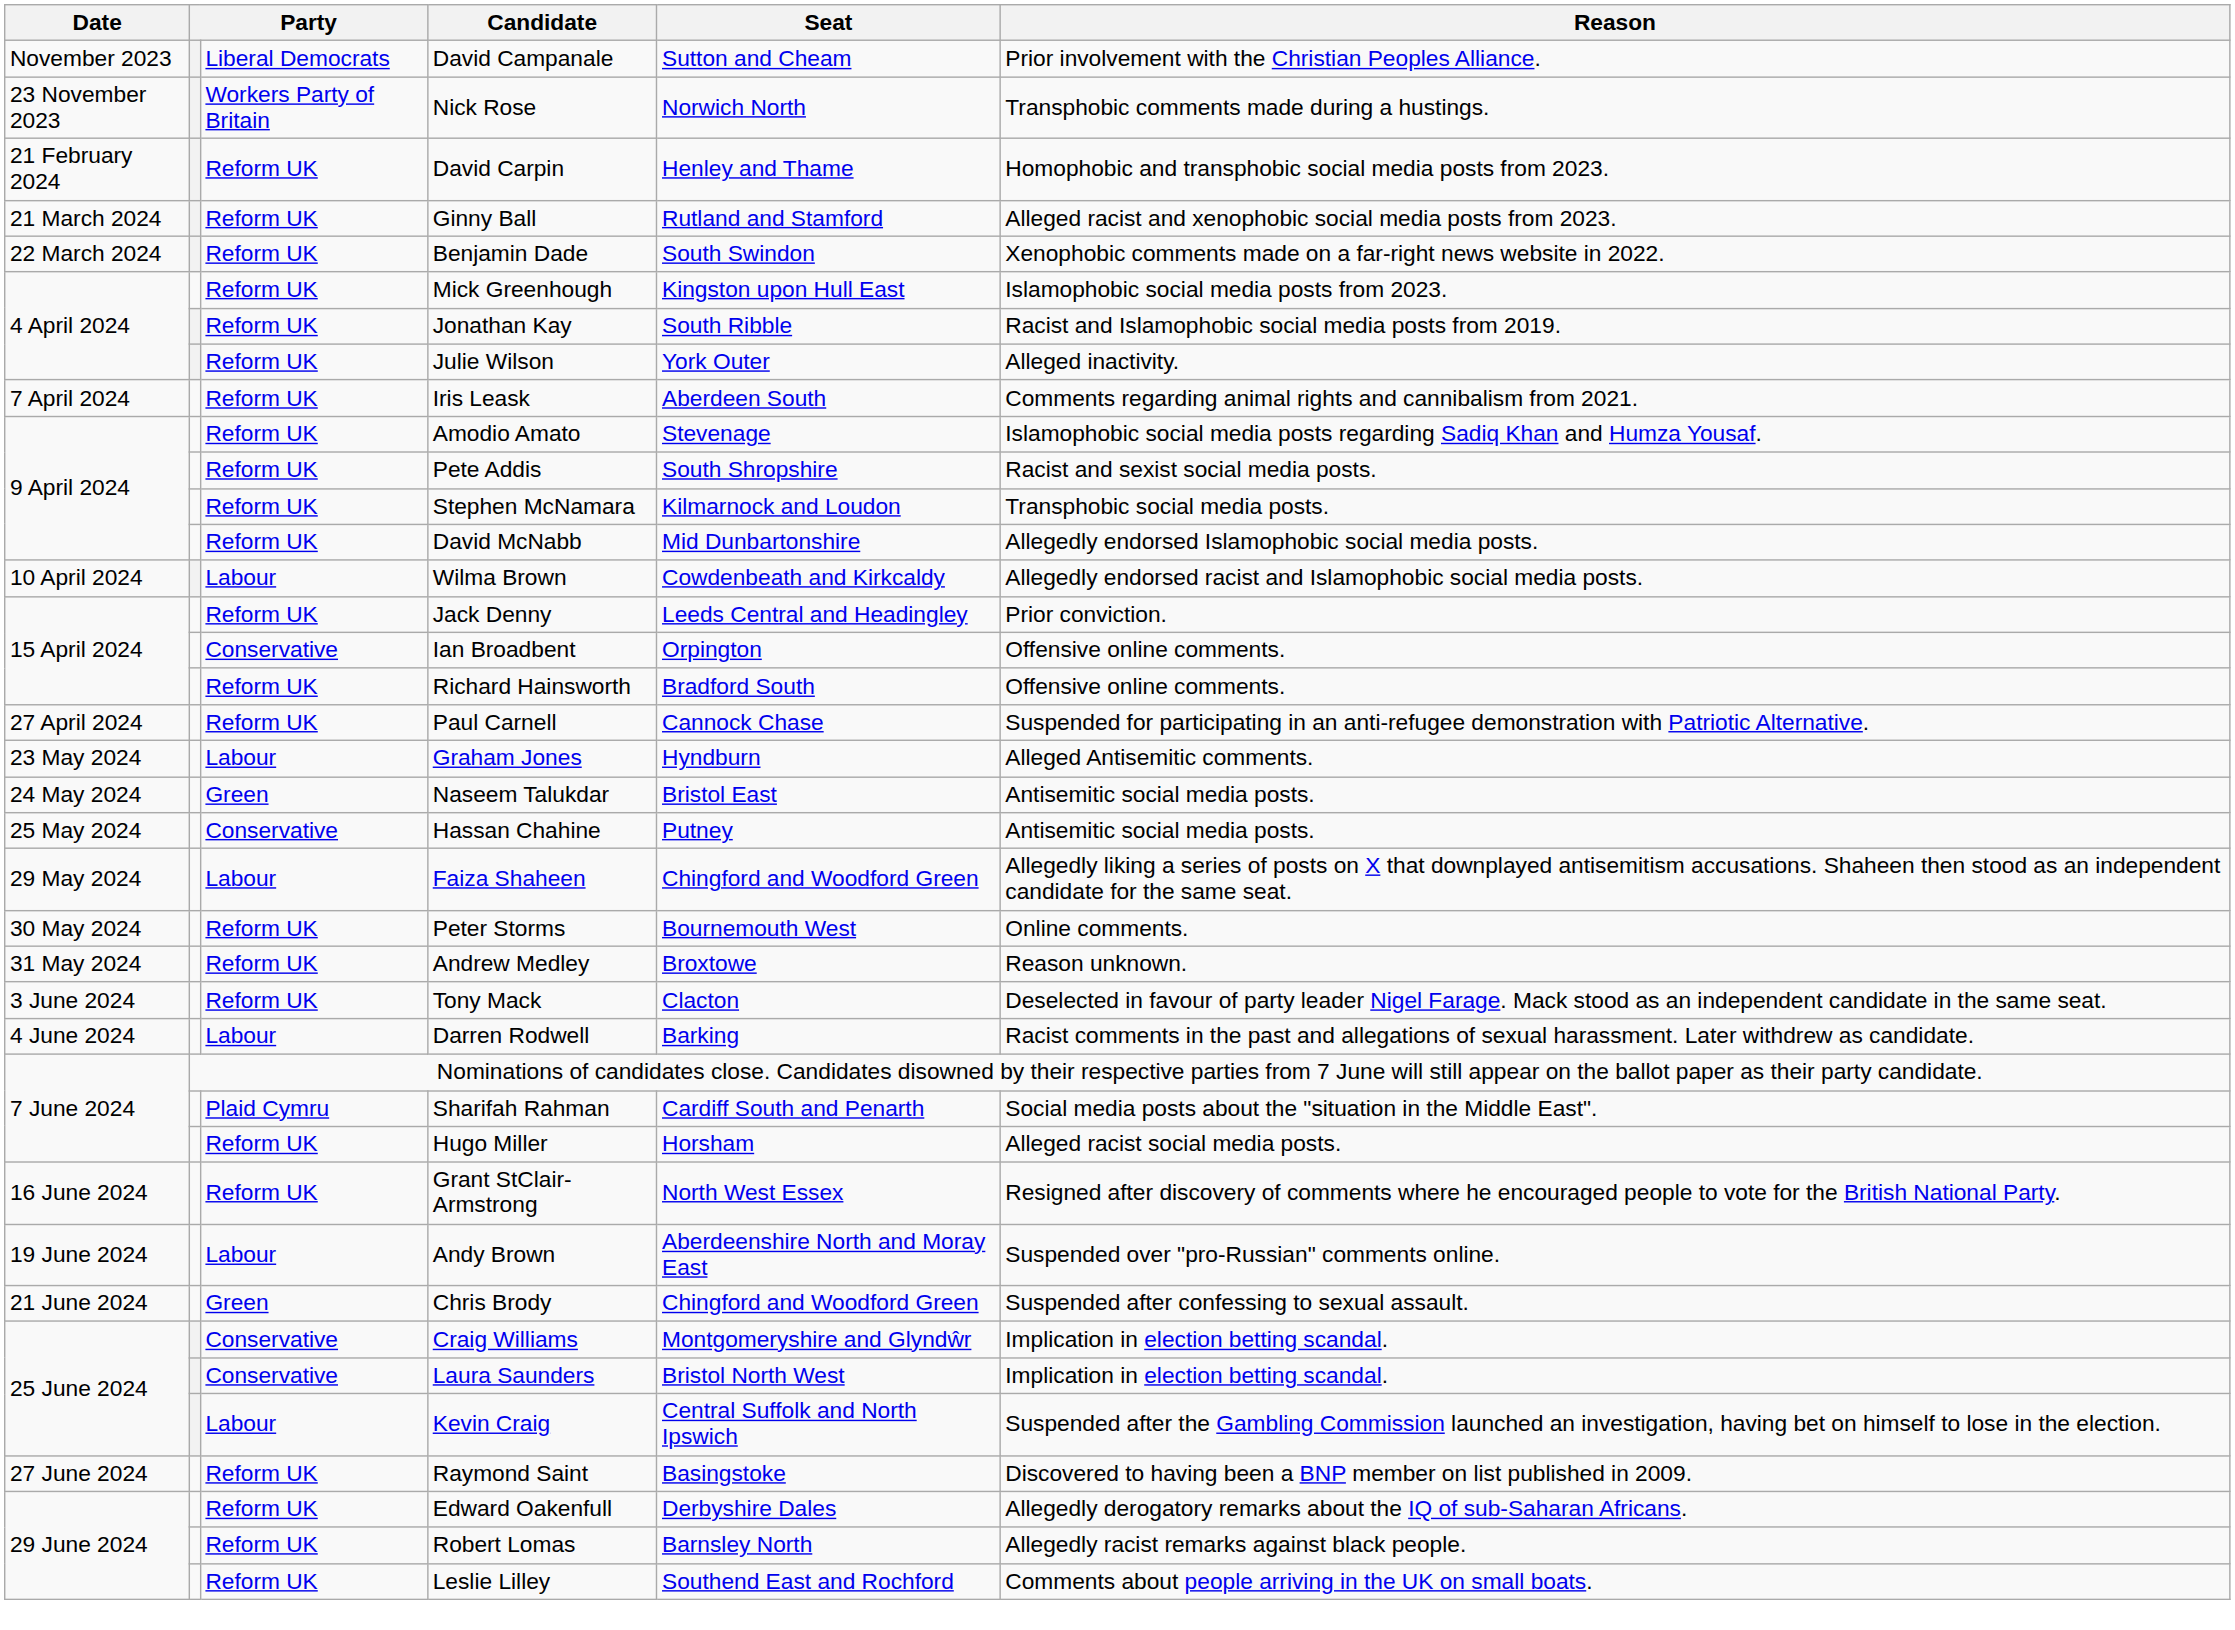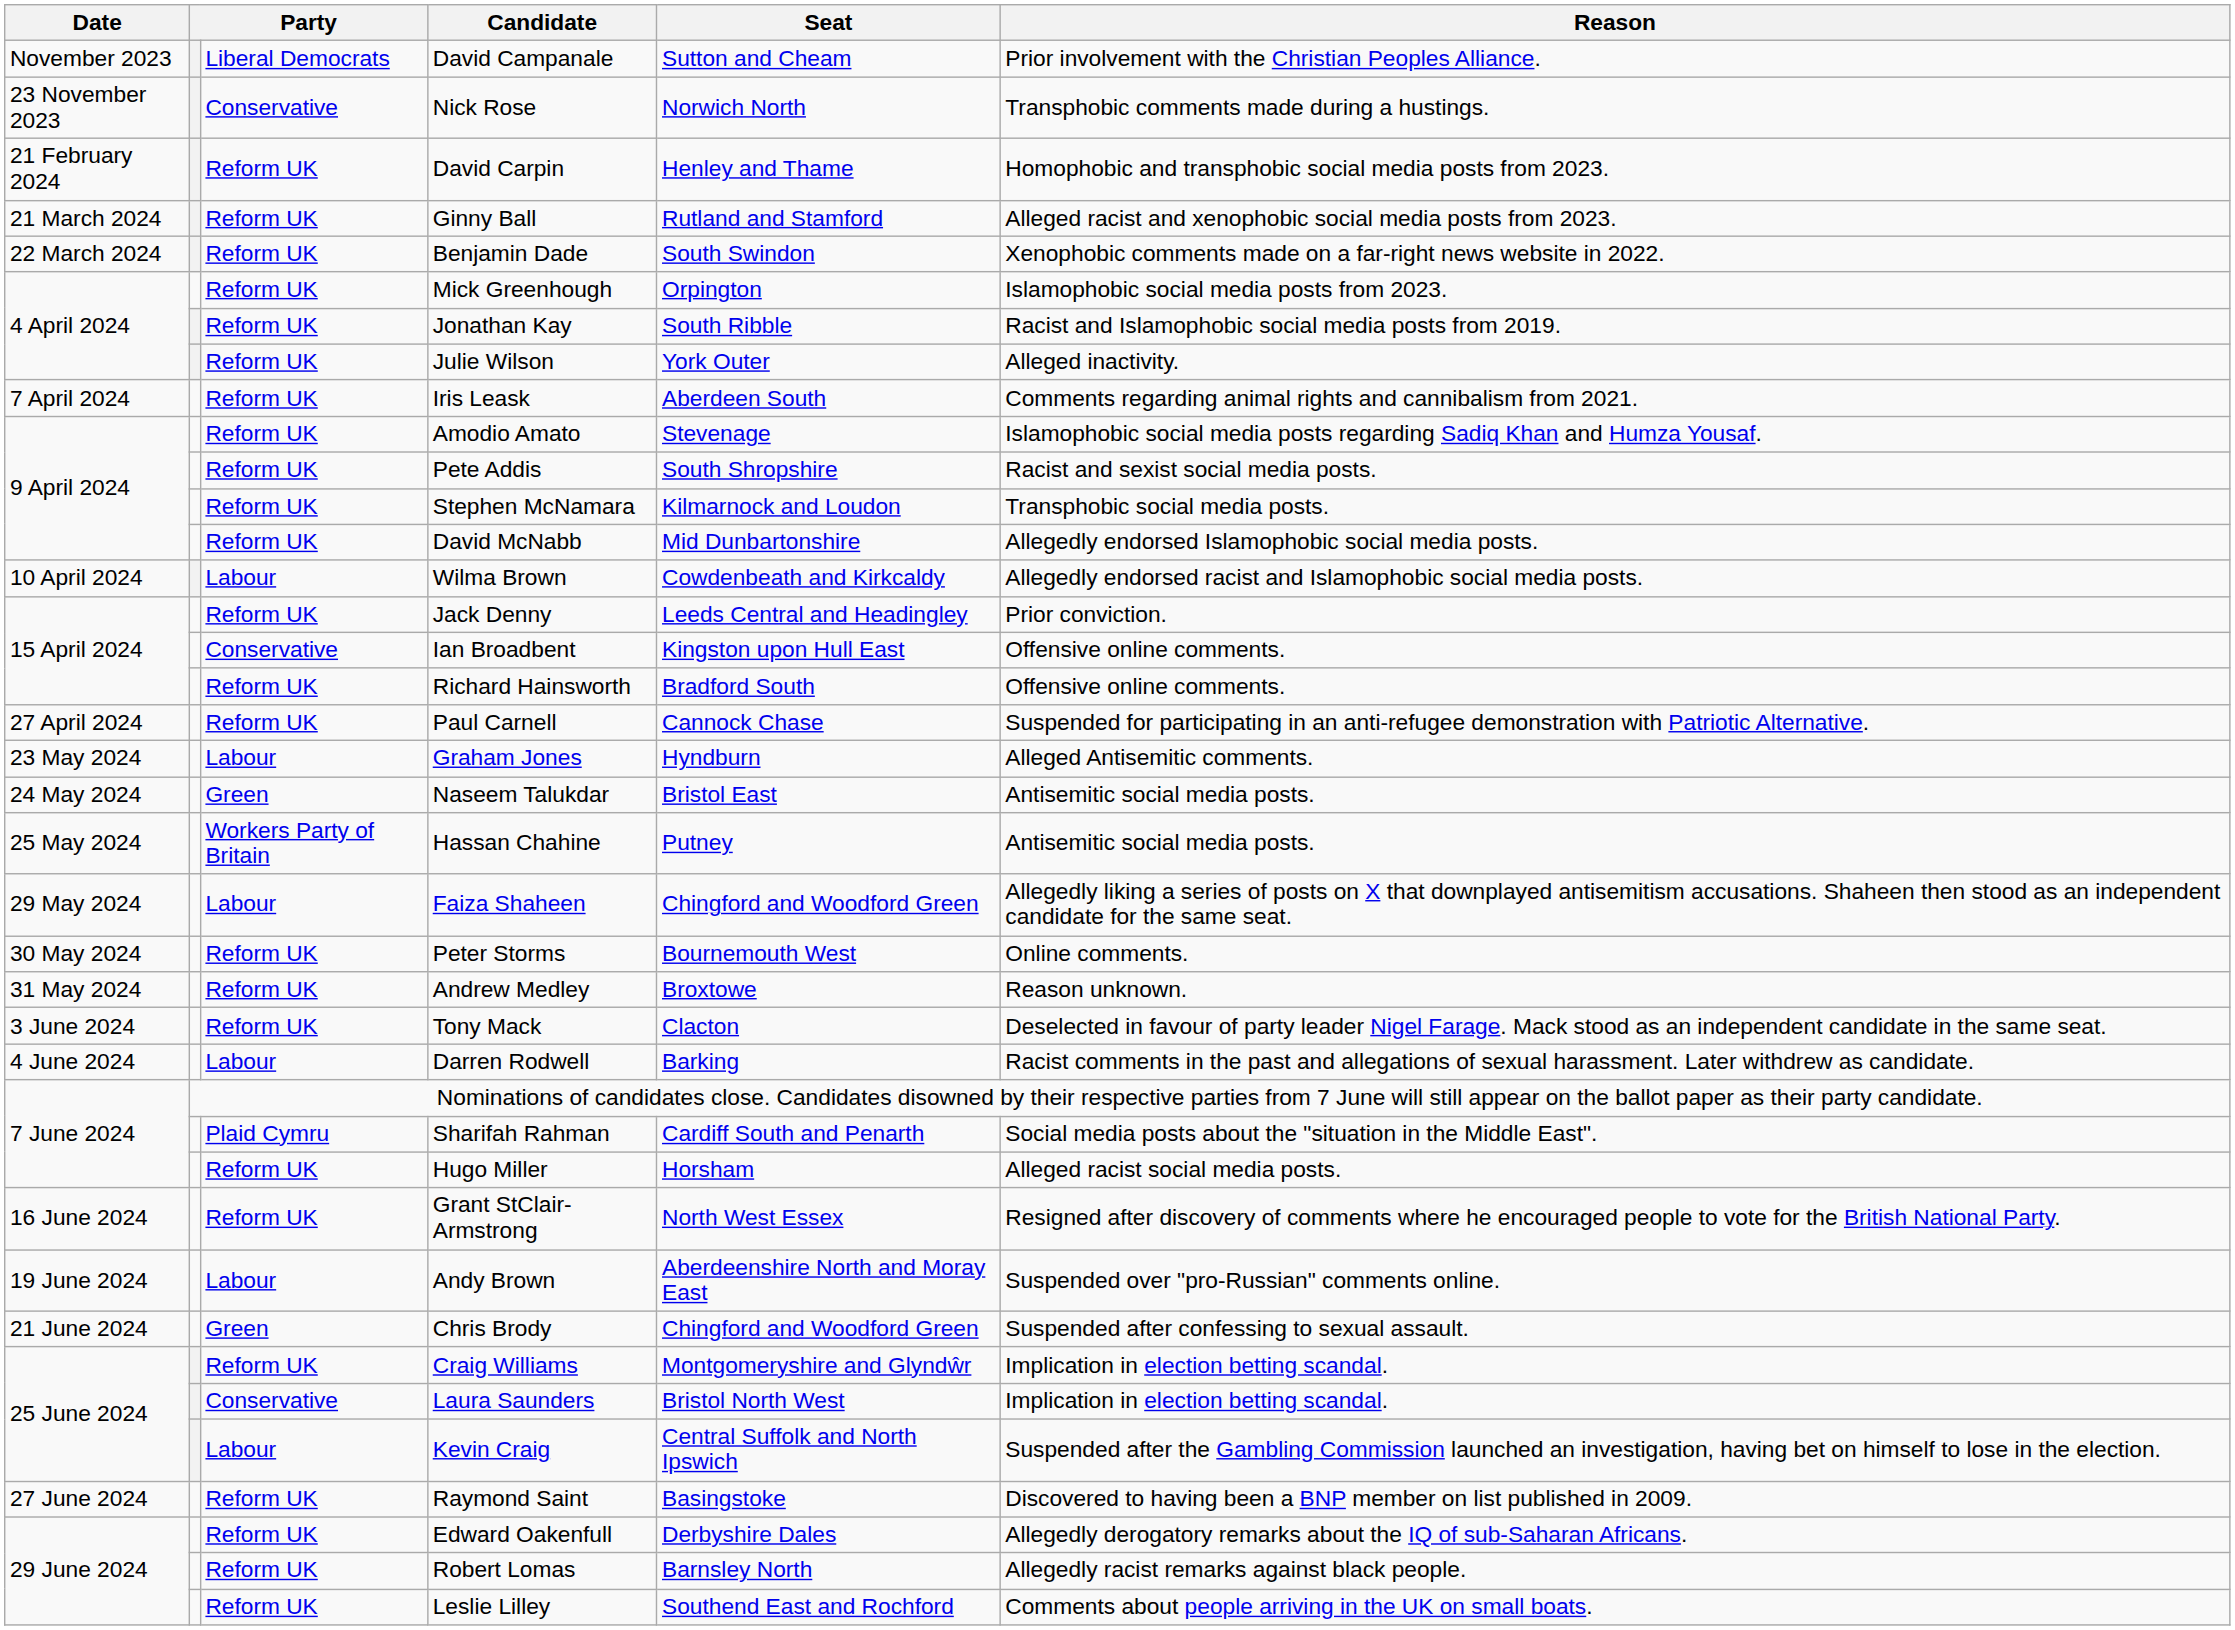 <table class="wikitable">
 <tr>
 <th>Date</th>
 <th colspan="2">Party</th>
 <th>Candidate</th>
 <th>Seat</th>
 <th>Reason</th>
 </tr>
 <tr>
 <td>November 2023</td>
 <th class="unsortable" style="background-color: "></th>
 <td><a href='#'>Liberal Democrats</a></td>
 <td>David Campanale</td>
 <td><a href='#'>Sutton and Cheam</a></td>
 <td>Prior involvement with the <a href='#'>Christian Peoples Alliance</a>.</td>
 </tr>
 <tr>
 <td>23 November 2023</td>
 <th class="unsortable" style="background-color: "></th>
-<td><a href='#'>Workers Party of Britain</a></td>
+<td><a href='#'>Conservative</a></td>
 <td>Nick Rose</td>
 <td><a href='#'>Norwich North</a></td>
 <td>Transphobic comments made during a hustings.</td>
 </tr>
 <tr>
 <td>21 February 2024</td>
 <th class="unsortable" style="background-color: "></th>
 <td><a href='#'>Reform UK</a></td>
 <td>David Carpin</td>
 <td><a href='#'>Henley and Thame</a></td>
 <td>Homophobic and transphobic social media posts from 2023.</td>
 </tr>
 <tr>
 <td>21 March 2024</td>
 <th class="unsortable" style="background-color: "></th>
 <td><a href='#'>Reform UK</a></td>
 <td>Ginny Ball</td>
 <td><a href='#'>Rutland and Stamford</a></td>
 <td>Alleged racist and xenophobic social media posts from 2023.</td>
 </tr>
 <tr>
 <td>22 March 2024</td>
 <th class="unsortable" style="background-color: "></th>
 <td><a href='#'>Reform UK</a></td>
 <td>Benjamin Dade</td>
 <td><a href='#'>South Swindon</a></td>
 <td>Xenophobic comments made on a far-right news website in 2022.</td>
 </tr>
 <tr>
 <td rowspan="3">4 April 2024</td>
 <td class="unsortable" style="background-color: "></td>
 <td><a href='#'>Reform UK</a></td>
 <td>Mick Greenhough</td>
-<td><a href='#'>Kingston upon Hull East</a></td>
+<td><a href='#'>Orpington</a></td>
 <td>Islamophobic social media posts from 2023.</td>
 </tr>
 <tr>
 <th class="unsortable" style="background-color: "></th>
 <td><a href='#'>Reform UK</a></td>
 <td>Jonathan Kay</td>
 <td><a href='#'>South Ribble</a></td>
 <td>Racist and Islamophobic social media posts from 2019.</td>
 </tr>
 <tr>
 <th class="unsortable" style="background-color: "></th>
 <td><a href='#'>Reform UK</a></td>
 <td>Julie Wilson</td>
 <td><a href='#'>York Outer</a></td>
 <td>Alleged inactivity.</td>
 </tr>
 <tr>
 <td>7 April 2024</td>
 <td class="unsortable" style="background-color: "></td>
 <td><a href='#'>Reform UK</a></td>
 <td>Iris Leask</td>
 <td><a href='#'>Aberdeen South</a></td>
 <td>Comments regarding animal rights and cannibalism from 2021.</td>
 </tr>
 <tr>
 <td rowspan="4">9 April 2024</td>
 <td class="unsortable" style="background-color: "></td>
 <td><a href='#'>Reform UK</a></td>
 <td>Amodio Amato</td>
 <td><a href='#'>Stevenage</a></td>
 <td>Islamophobic social media posts regarding <a href='#'>Sadiq Khan</a> and <a href='#'>Humza Yousaf</a>.</td>
 </tr>
 <tr>
 <td class="unsortable" style="background-color: "></td>
 <td><a href='#'>Reform UK</a></td>
 <td>Pete Addis</td>
 <td><a href='#'>South Shropshire</a></td>
 <td>Racist and sexist social media posts.</td>
 </tr>
 <tr>
 <td class="unsortable" style="background-color: "></td>
 <td><a href='#'>Reform UK</a></td>
 <td>Stephen McNamara</td>
 <td><a href='#'>Kilmarnock and Loudon</a></td>
 <td>Transphobic social media posts.</td>
 </tr>
 <tr>
 <td class="unsortable" style="background-color: "></td>
 <td><a href='#'>Reform UK</a></td>
 <td>David McNabb</td>
 <td><a href='#'>Mid Dunbartonshire</a></td>
 <td>Allegedly endorsed Islamophobic social media posts.</td>
 </tr>
 <tr>
 <td>10 April 2024</td>
 <th class="unsortable" style="background-color: "></th>
 <td><a href='#'>Labour</a></td>
 <td>Wilma Brown</td>
 <td><a href='#'>Cowdenbeath and Kirkcaldy</a></td>
 <td>Allegedly endorsed racist and Islamophobic social media posts.</td>
 </tr>
 <tr>
 <td rowspan="3">15 April 2024</td>
 <td class="unsortable" style="background-color: "></td>
 <td><a href='#'>Reform UK</a></td>
 <td>Jack Denny</td>
 <td><a href='#'>Leeds Central and Headingley</a></td>
 <td>Prior conviction.</td>
 </tr>
 <tr>
 <td class="unsortable" style="background-color: "></td>
 <td><a href='#'>Conservative</a></td>
 <td>Ian Broadbent</td>
-<td><a href='#'>Orpington</a></td>
+<td><a href='#'>Kingston upon Hull East</a></td>
 <td>Offensive online comments.</td>
 </tr>
 <tr>
 <td class="unsortable" style="background-color: "></td>
 <td><a href='#'>Reform UK</a></td>
 <td>Richard Hainsworth</td>
 <td><a href='#'>Bradford South</a></td>
 <td>Offensive online comments.</td>
 </tr>
 <tr>
 <td>27 April 2024</td>
 <td class="unsortable" style="background-color: "></td>
 <td><a href='#'>Reform UK</a></td>
 <td>Paul Carnell</td>
 <td><a href='#'>Cannock Chase</a></td>
 <td>Suspended for participating in an anti-refugee demonstration with <a href='#'>Patriotic Alternative</a>.</td>
 </tr>
 <tr>
 <td>23 May 2024</td>
 <td ! class="unsortable" style="background-color: "></td>
 <td><a href='#'>Labour</a></td>
 <td><a href='#'>Graham Jones</a></td>
 <td><a href='#'>Hyndburn</a></td>
 <td>Alleged Antisemitic comments.</td>
 </tr>
 <tr>
 <td>24 May 2024</td>
 <td ! class="unsortable" style="background-color: "></td>
 <td><a href='#'>Green</a></td>
 <td>Naseem Talukdar</td>
 <td><a href='#'>Bristol East</a></td>
 <td>Antisemitic social media posts.</td>
 </tr>
 <tr>
 <td>25 May 2024</td>
 <td style="background-color: "></td>
-<td><a href='#'>Conservative</a></td>
+<td><a href='#'>Workers Party of Britain</a></td>
 <td>Hassan Chahine</td>
 <td><a href='#'>Putney</a></td>
 <td>Antisemitic social media posts.</td>
 </tr>
 <tr>
 <td>29 May 2024</td>
 <td ! class="unsortable" style="background-color: "></td>
 <td><a href='#'>Labour</a></td>
 <td><a href='#'>Faiza Shaheen</a></td>
 <td><a href='#'>Chingford and Woodford Green</a></td>
 <td>Allegedly liking a series of posts on <a href='#'>X</a> that downplayed antisemitism accusations. Shaheen then stood as an independent candidate for the same seat.</td>
 </tr>
 <tr>
 <td>30 May 2024</td>
 <td class="unsortable" style="background-color: "></td>
 <td><a href='#'>Reform UK</a></td>
 <td>Peter Storms</td>
 <td><a href='#'>Bournemouth West</a></td>
 <td>Online comments.</td>
 </tr>
 <tr>
 <td>31 May 2024</td>
 <td class="unsortable" style="background-color: "></td>
 <td><a href='#'>Reform UK</a></td>
 <td>Andrew Medley</td>
 <td><a href='#'>Broxtowe</a></td>
 <td>Reason unknown.</td>
 </tr>
 <tr>
 <td>3 June 2024</td>
 <td class="unsortable" style="background-color: "></td>
 <td><a href='#'>Reform UK</a></td>
 <td>Tony Mack</td>
 <td><a href='#'>Clacton</a></td>
 <td>Deselected in favour of party leader <a href='#'>Nigel Farage</a>. Mack stood as an independent candidate in the same seat.</td>
 </tr>
 <tr>
 <td>4 June 2024</td>
 <td ! class="unsortable" style="background-color: "></td>
 <td><a href='#'>Labour</a></td>
 <td>Darren Rodwell</td>
 <td><a href='#'>Barking</a></td>
 <td>Racist comments in the past and allegations of sexual harassment. Later withdrew as candidate.</td>
 </tr>
 <tr>
 <td rowspan="3">7 June 2024</td>
 <td colspan="6" style="text-align:center;">Nominations of candidates close. Candidates disowned by their respective parties from 7 June will still appear on the ballot paper as their party candidate.</td>
 </tr>
 <tr>
 <td ! class="unsortable" style="background-color: "></td>
 <td><a href='#'>Plaid Cymru</a></td>
 <td>Sharifah Rahman</td>
 <td><a href='#'>Cardiff South and Penarth</a></td>
 <td>Social media posts about the "situation in the Middle East".</td>
 </tr>
 <tr>
 <td class="unsortable" style="background-color: "></td>
 <td><a href='#'>Reform UK</a></td>
 <td>Hugo Miller</td>
 <td><a href='#'>Horsham</a></td>
 <td>Alleged racist social media posts.</td>
 </tr>
 <tr>
 <td>16 June 2024</td>
 <td class="unsortable" style="background-color: "></td>
 <td><a href='#'>Reform UK</a></td>
 <td>Grant StClair-Armstrong</td>
 <td><a href='#'>North West Essex</a></td>
 <td>Resigned after discovery of comments where he encouraged people to vote for the <a href='#'>British National Party</a>.</td>
 </tr>
 <tr>
 <td>19 June 2024</td>
 <td ! class="unsortable" style="background-color: "></td>
 <td><a href='#'>Labour</a></td>
 <td>Andy Brown</td>
 <td><a href='#'>Aberdeenshire North and Moray East</a></td>
 <td>Suspended over "pro-Russian" comments online.</td>
 </tr>
 <tr>
 <td>21 June 2024</td>
 <td ! class="unsortable" style="background-color: "></td>
 <td><a href='#'>Green</a></td>
 <td>Chris Brody</td>
 <td><a href='#'>Chingford and Woodford Green</a></td>
 <td>Suspended after confessing to sexual assault.</td>
 </tr>
 <tr>
 <td rowspan="3">25 June 2024</td>
 <th class="unsortable" style="background-color: "></th>
-<td><a href='#'>Conservative</a></td>
+<td><a href='#'>Reform UK</a></td>
 <td><a href='#'>Craig Williams</a></td>
 <td><a href='#'>Montgomeryshire and Glyndŵr</a></td>
 <td>Implication in <a href='#'>election betting scandal</a>.</td>
 </tr>
 <tr>
 <th class="unsortable" style="background-color: "></th>
 <td><a href='#'>Conservative</a></td>
 <td><a href='#'>Laura Saunders</a></td>
 <td><a href='#'>Bristol North West</a></td>
 <td>Implication in <a href='#'>election betting scandal</a>.</td>
 </tr>
 <tr>
 <th class="unsortable" style="background-color: "></th>
 <td><a href='#'>Labour</a></td>
 <td><a href='#'>Kevin Craig</a></td>
 <td><a href='#'>Central Suffolk and North Ipswich</a></td>
 <td>Suspended after the <a href='#'>Gambling Commission</a> launched an investigation, having bet on himself to lose in the election.</td>
 </tr>
 <tr>
 <td>27 June 2024</td>
 <td class="unsortable" style="background-color: "></td>
 <td><a href='#'>Reform UK</a></td>
 <td>Raymond Saint</td>
 <td><a href='#'>Basingstoke</a></td>
 <td>Discovered to having been a <a href='#'>BNP</a> member on list published in 2009.</td>
 </tr>
 <tr>
 <td rowspan="3">29 June 2024</td>
 <td class="unsortable" style="background-color: "></td>
 <td><a href='#'>Reform UK</a></td>
 <td>Edward Oakenfull</td>
 <td><a href='#'>Derbyshire Dales</a></td>
 <td>Allegedly derogatory remarks about the <a href='#'>IQ of sub-Saharan Africans</a>.</td>
 </tr>
 <tr>
 <td class="unsortable" style="background-color: "></td>
 <td><a href='#'>Reform UK</a></td>
 <td>Robert Lomas</td>
 <td><a href='#'>Barnsley North</a></td>
 <td>Allegedly racist remarks against black people.</td>
 </tr>
 <tr>
 <td class="unsortable" style="background-color: "></td>
 <td><a href='#'>Reform UK</a></td>
 <td>Leslie Lilley</td>
 <td><a href='#'>Southend East and Rochford</a></td>
 <td>Comments about <a href='#'>people arriving in the UK on small boats</a>.</td>
 </tr>
 </table>
